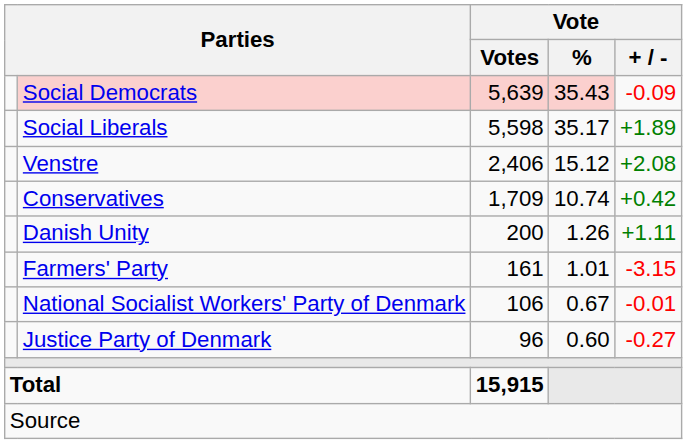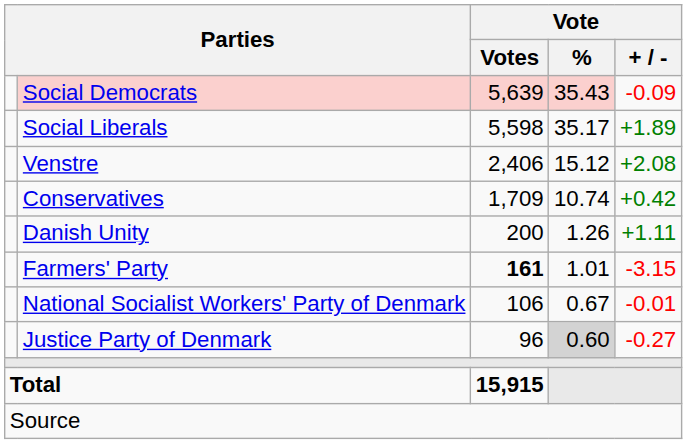 <table class="wikitable" style="text-align:right;">
 <tr>
 <th style="text-align:centre;" rowspan="2" colspan="2" width="225">Parties</th>
 <th colspan="3">Vote</th>
 </tr>
 <tr>
 <th width="15">Votes</th>
 <th width="15">%</th>
 <th width="15">+ / -</th>
 </tr>
 <tr>
 <td width="2" style="color:inherit;background:"></td>
 <td bgcolor=#fbd0ce  align="left"><a href='#'>Social Democrats</a></td>
 <td bgcolor=#fbd0ce>5,639</td>
 <td bgcolor=#fbd0ce>35.43</td>
 <td style=color:red;>-0.09</td>
 </tr>
 <tr>
 <td width="2" style="color:inherit;background:"></td>
 <td align="left"><a href='#'>Social Liberals</a></td>
 <td>5,598</td>
 <td>35.17</td>
 <td style=color:green;>+1.89</td>
 </tr>
 <tr>
 <td width="2" style="color:inherit;background:"></td>
 <td align="left"><a href='#'>Venstre</a></td>
 <td>2,406</td>
 <td>15.12</td>
 <td style=color:green;>+2.08</td>
 </tr>
 <tr>
 <td width="2" style="color:inherit;background:"></td>
 <td align="left"><a href='#'>Conservatives</a></td>
 <td>1,709</td>
 <td>10.74</td>
 <td style=color:green;>+0.42</td>
 </tr>
 <tr>
 <td width="2" style="color:inherit;background:"></td>
 <td align="left"><a href='#'>Danish Unity</a></td>
 <td>200</td>
 <td>1.26</td>
 <td style=color:green;>+1.11</td>
 </tr>
 <tr>
 <td width="2" style="color:inherit;background:"></td>
 <td align="left"><a href='#'>Farmers' Party</a></td>
-<td>161</td>
+<td><strong>161</strong></td>
 <td>1.01</td>
 <td style=color:red;>-3.15</td>
 </tr>
 <tr>
 <td width="2" style="color:inherit;background:"></td>
 <td align="left"><a href='#'>National Socialist Workers' Party of Denmark</a></td>
 <td>106</td>
 <td>0.67</td>
 <td style=color:red;>-0.01</td>
 </tr>
 <tr>
 <td width="2" style="color:inherit;background:"></td>
 <td align="left"><a href='#'>Justice Party of Denmark</a></td>
 <td>96</td>
-<td>0.60</td>
+<td style="background: lightgrey;">0.60</td>
 <td style=color:red;>-0.27</td>
 </tr>
 <tr>
 <td colspan="7" bgcolor="#E9E9E9"></td>
 </tr>
 <tr>
 <td align="left" colspan="2"><strong>Total</strong></td>
 <td><strong>15,915</strong></td>
 <td bgcolor="#E9E9E9" colspan="2"></td>
 </tr>
 <tr>
 <td align="left" colspan="6">Source</td>
 </tr>
 </table>
